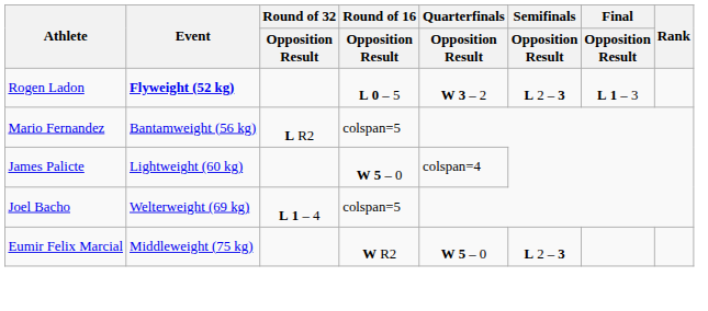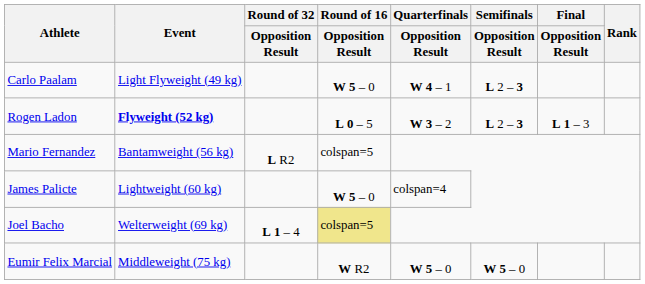 <table class=wikitable style="font-size:90%">
 <tr>
 <th rowspan=2>Athlete</th>
 <th rowspan=2>Event</th>
 <th>Round of 32</th>
 <th>Round of 16</th>
 <th>Quarterfinals</th>
 <th>Semifinals</th>
 <th>Final</th>
 <th rowspan=2>Rank</th>
 </tr>
 <tr>
 <th>Opposition<br>Result</th>
 <th>Opposition<br>Result</th>
 <th>Opposition<br>Result</th>
 <th>Opposition<br>Result</th>
 <th>Opposition<br>Result</th>
+</tr>
+<tr align=left>
+<td><a href='#'>Carlo Paalam</a></td>
+<td><a href='#'>Light Flyweight (49 kg)</a></td>
+<td></td>
+<td align=center>  <br> <strong>W</strong> <strong>5</strong> – 0</td>
+<td align=center>  <br> <strong>W</strong> <strong>4</strong> – 1</td>
+<td align=center>  <br> <strong>L</strong> 2 – <strong>3</strong></td>
+<td></td>
+<td align=center></td>
 </tr>
 <tr align=left>
 <td><a href='#'>Rogen Ladon</a></td>
 <td><strong><a href='#'>Flyweight (52 kg)</a></strong></td>
 <td></td>
 <td align=center>  <br> <strong>L</strong> <strong>0</strong> – 5</td>
 <td align=center>  <br> <strong>W</strong> <strong>3</strong> – 2</td>
 <td align=center>  <br> <strong>L</strong> 2 – <strong>3</strong></td>
 <td align=center> <br> <strong>L</strong> <strong>1</strong> – 3</td>
 <td align=center></td>
 </tr>
 <tr align=left>
 <td><a href='#'>Mario Fernandez</a></td>
 <td><a href='#'>Bantamweight (56 kg)</a></td>
 <td align=center>  <br> <strong>L</strong> <strong></strong> R2</td>
 <td>colspan=5 </td>
 </tr>
 <tr align=left>
 <td><a href='#'>James Palicte</a></td>
 <td><a href='#'>Lightweight (60 kg)</a></td>
 <td></td>
 <td align=center>  <br> <strong>W</strong> <strong>5</strong> – 0</td>
 <td>colspan=4 </td>
 </tr>
 <tr align=left>
 <td><a href='#'>Joel Bacho</a></td>
 <td><a href='#'>Welterweight (69 kg)</a></td>
 <td align=center>  <br> <strong>L</strong> <strong>1</strong> – 4</td>
-<td>colspan=5 </td>
+<td style="background: khaki;">colspan=5 </td>
 </tr>
 <tr align=left>
 <td><a href='#'>Eumir Felix Marcial</a></td>
 <td><a href='#'>Middleweight (75 kg)</a></td>
 <td></td>
 <td align=center>  <br> <strong>W</strong> <strong></strong> R2</td>
 <td align=center> <br> <strong>W</strong> <strong>5</strong> – 0</td>
-<td align=center>  <br> <strong>L</strong> 2 – <strong>3</strong></td>
+<td align=center> <br> <strong>W</strong> <strong>5</strong> – 0</td>
 <td></td>
 <td align=center></td>
 </tr>
 </table>
